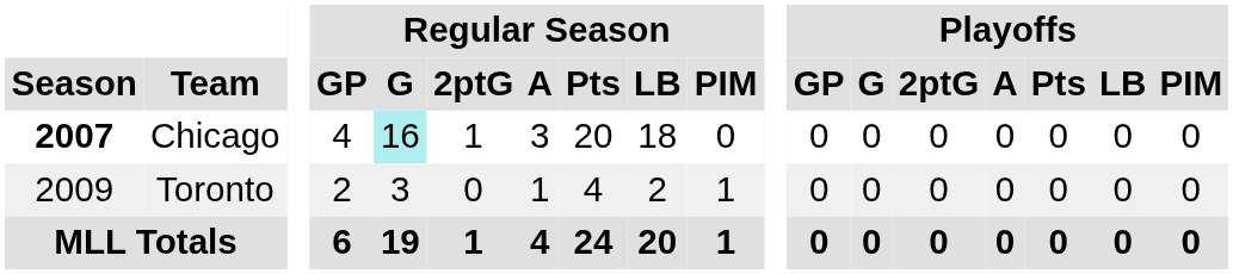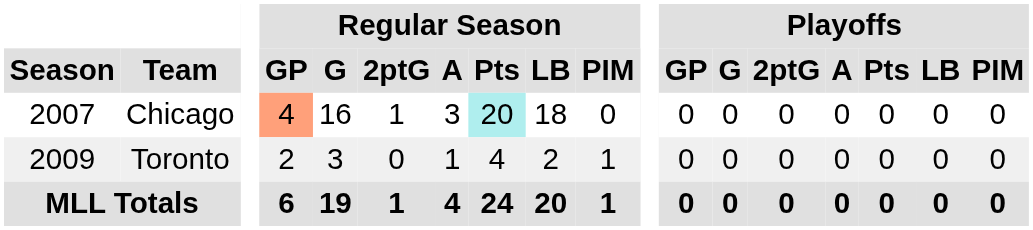 <table BORDER="0" CELLPADDING="3" CELLSPACING="0">
 <tr ALIGN="center" bgcolor="#e0e0e0">
 <th colspan="2" bgcolor="#ffffff"> </th>
 <th rowspan="99" bgcolor="#ffffff"> </th>
 <th colspan="7">Regular Season</th>
 <th rowspan="99" bgcolor="#ffffff"> </th>
 <th colspan="7">Playoffs</th>
 </tr>
 <tr ALIGN="center" bgcolor="#e0e0e0">
 <th>Season</th>
 <th>Team</th>
 <th>GP</th>
 <th>G</th>
 <th>2ptG</th>
 <th>A</th>
 <th>Pts</th>
 <th>LB</th>
 <th>PIM</th>
 <th>GP</th>
 <th>G</th>
 <th>2ptG</th>
 <th>A</th>
 <th>Pts</th>
 <th>LB</th>
 <th>PIM</th>
 </tr>
 <tr ALIGN="center">
-<td><strong>2007</strong></td>
+<td>2007</td>
 <td>Chicago</td>
-<td>4</td>
-<td style="background: paleturquoise;">16</td>
+<td style="background: lightsalmon;">4</td>
+<td>16</td>
 <td>1</td>
 <td>3</td>
-<td>20</td>
+<td style="background: paleturquoise;">20</td>
 <td>18</td>
 <td>0</td>
 <td>0</td>
 <td>0</td>
 <td>0</td>
 <td>0</td>
 <td>0</td>
 <td>0</td>
 <td>0</td>
 </tr>
 <tr ALIGN="center" bgcolor="#f0f0f0">
 <td>2009</td>
 <td>Toronto</td>
 <td>2</td>
 <td>3</td>
 <td>0</td>
 <td>1</td>
 <td>4</td>
 <td>2</td>
 <td>1</td>
 <td>0</td>
 <td>0</td>
 <td>0</td>
 <td>0</td>
 <td>0</td>
 <td>0</td>
 <td>0</td>
 </tr>
 <tr ALIGN="center" bgcolor="#e0e0e0">
 <th colspan="2">MLL Totals</th>
 <th>6</th>
 <th>19</th>
 <th>1</th>
 <th>4</th>
 <th>24</th>
 <th>20</th>
 <th>1</th>
 <th>0</th>
 <th>0</th>
 <th>0</th>
 <th>0</th>
 <th>0</th>
 <th>0</th>
 <th>0</th>
 </tr>
 </table>
